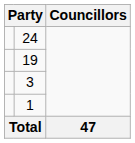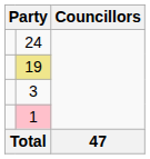 <table class="wikitable">
 <tr>
 <th colspan=2>Party</th>
 <th>Councillors</th>
 </tr>
 <tr>
 <td></td>
 <td align=center>24</td>
 </tr>
 <tr>
 <td></td>
-<td align=center>19</td>
+<td align=center style="background: khaki;">19</td>
 </tr>
 <tr>
 <td></td>
 <td align=center>3</td>
 </tr>
 <tr>
 <td></td>
-<td align=center>1</td>
+<td align=center style="background: pink;">1</td>
 </tr>
 <tr>
 <th colspan=2>Total</th>
 <th align=center>47</th>
 </tr>
 </table>
